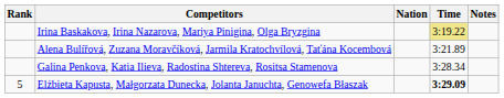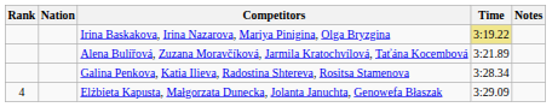 <table class="wikitable sortable" style="text-align:center; font-size:95%">
 <tr>
 <th>Rank</th>
+<th>Nation</th>
 <th>Competitors</th>
-<th>Nation</th>
 <th>Time</th>
 <th>Notes</th>
 </tr>
 <tr>
 <td></td>
+<td align=left></td>
 <td align=left><a href='#'>Irina Baskakova</a>, <a href='#'>Irina Nazarova</a>, <a href='#'>Mariya Pinigina</a>, <a href='#'>Olga Bryzgina</a></td>
-<td align=left></td>
 <td style="background: khaki;">3:19.22</td>
 <td></td>
 </tr>
 <tr>
 <td></td>
+<td align=left></td>
 <td align=left><a href='#'>Alena Bulířová</a>, <a href='#'>Zuzana Moravčíková</a>, <a href='#'>Jarmila Kratochvílová</a>, <a href='#'>Taťána Kocembová</a></td>
-<td align=left></td>
 <td>3:21.89</td>
 <td></td>
 </tr>
 <tr>
 <td></td>
+<td align=left></td>
 <td align=left><a href='#'>Galina Penkova</a>, <a href='#'>Katia Ilieva</a>, <a href='#'>Radostina Shtereva</a>, <a href='#'>Rositsa Stamenova</a></td>
-<td align=left></td>
 <td>3:28.34</td>
 <td></td>
 </tr>
 <tr>
-<td>5</td>
+<td>4</td>
+<td align=left></td>
 <td align=left><a href='#'>Elżbieta Kapusta</a>, <a href='#'>Małgorzata Dunecka</a>, <a href='#'>Jolanta Januchta</a>, <a href='#'>Genowefa Błaszak</a></td>
-<td align=left></td>
-<td><strong>3:29.09</strong></td>
+<td>3:29.09</td>
 <td></td>
 </tr>
 </table>
